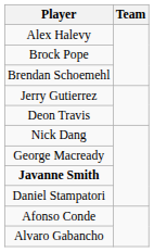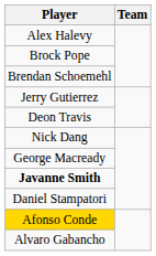 <table class="wikitable" style="text-align: center;">
 <tr>
 <th>Player</th>
 <th>Team</th>
 </tr>
 <tr>
 <td>Alex Halevy</td>
 <td rowspan=3></td>
 </tr>
 <tr>
 <td>Brock Pope</td>
 </tr>
 <tr>
 <td>Brendan Schoemehl</td>
 </tr>
 <tr>
 <td>Jerry Gutierrez</td>
 <td rowspan=2></td>
 </tr>
 <tr>
 <td>Deon Travis</td>
 </tr>
 <tr>
 <td>Nick Dang</td>
 <td rowspan=4></td>
 </tr>
 <tr>
 <td>George Macready</td>
 </tr>
 <tr>
 <td><strong>Javanne Smith</strong></td>
 </tr>
 <tr>
 <td>Daniel Stampatori</td>
 </tr>
 <tr>
-<td>Afonso Conde</td>
+<td style="background: gold;">Afonso Conde</td>
 <td rowspan=2></td>
 </tr>
 <tr>
 <td>Alvaro Gabancho</td>
 </tr>
 </table>
